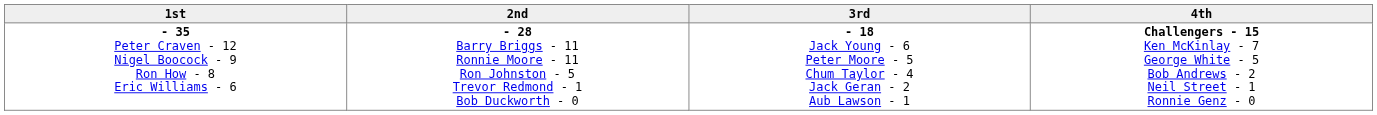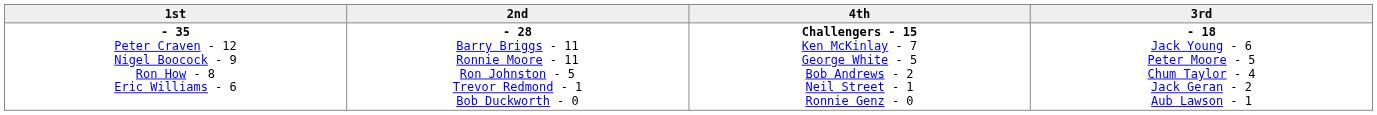 <table border=1 cellpadding=2 cellspacing=0 width=75% style="border-collapse:collapse">
 <tr align=center style="background:#efefef;">
 <th width=20% >1st</th>
 <th width=20% >2nd</th>
+<th width=20%>4th</th>
 <th width=20% >3rd</th>
-<th width=20%>4th</th>
 </tr>
 <tr align=center>
 <td valign=top ><strong> - 35</strong><br><a href='#'>Peter Craven</a> - 12<br><a href='#'>Nigel Boocock</a> - 9<br><a href='#'>Ron How</a> - 8<br><a href='#'>Eric Williams</a> - 6</td>
 <td valign=top ><strong> - 28</strong><br><a href='#'>Barry Briggs</a> - 11<br><a href='#'>Ronnie Moore</a> - 11<br><a href='#'>Ron Johnston</a> - 5<br><a href='#'>Trevor Redmond</a> - 1<br><a href='#'>Bob Duckworth</a> - 0</td>
+<td valign=top><strong>Challengers - 15</strong><br><a href='#'>Ken McKinlay</a> - 7<br><a href='#'>George White</a> - 5<br><a href='#'>Bob Andrews</a> - 2<br><a href='#'>Neil Street</a>  - 1<br><a href='#'>Ronnie Genz</a> - 0</td>
 <td valign=top ><strong> - 18</strong><br><a href='#'>Jack Young</a> - 6<br><a href='#'>Peter Moore</a> - 5<br><a href='#'>Chum Taylor</a> - 4<br><a href='#'>Jack Geran</a> - 2<br><a href='#'>Aub Lawson</a> - 1</td>
-<td valign=top><strong>Challengers - 15</strong><br><a href='#'>Ken McKinlay</a> - 7<br><a href='#'>George White</a> - 5<br><a href='#'>Bob Andrews</a> - 2<br><a href='#'>Neil Street</a>  - 1<br><a href='#'>Ronnie Genz</a> - 0</td>
 </tr>
 </table>
